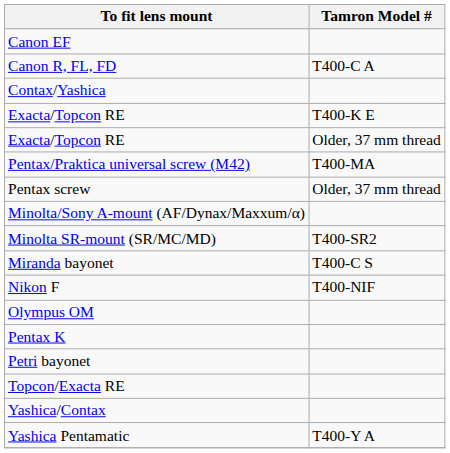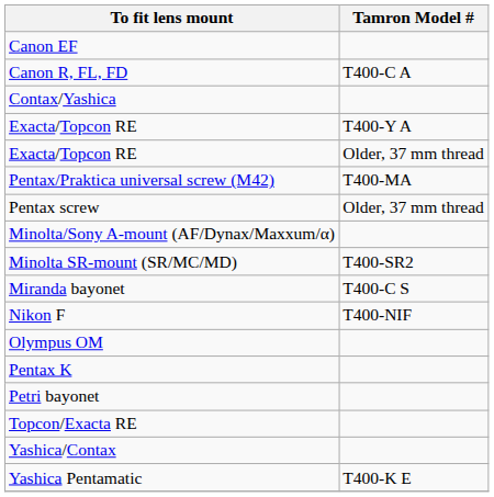 <table class=wikitable>
 <tr>
 <th>To fit lens mount</th>
 <th>Tamron Model #</th>
 </tr>
 <tr>
 <td><a href='#'>Canon EF</a></td>
 <td></td>
 </tr>
 <tr>
 <td><a href='#'>Canon R, FL, FD</a></td>
 <td>T400-C A</td>
 </tr>
 <tr>
 <td><a href='#'>Contax</a>/<a href='#'>Yashica</a></td>
 <td></td>
 </tr>
 <tr>
 <td><a href='#'>Exacta</a>/<a href='#'>Topcon</a> RE</td>
-<td>T400-K E</td>
+<td>T400-Y A</td>
 </tr>
 <tr>
 <td><a href='#'>Exacta</a>/<a href='#'>Topcon</a> RE</td>
 <td>Older, 37 mm thread</td>
 </tr>
 <tr>
 <td><a href='#'>Pentax/Praktica universal screw (M42)</a></td>
 <td>T400-MA</td>
 </tr>
 <tr>
 <td>Pentax screw</td>
 <td>Older, 37 mm thread</td>
 </tr>
 <tr>
 <td><a href='#'>Minolta/Sony A-mount</a> (AF/Dynax/Maxxum/α)</td>
 <td></td>
 </tr>
 <tr>
 <td><a href='#'>Minolta SR-mount</a> (SR/MC/MD)</td>
 <td>T400-SR2</td>
 </tr>
 <tr>
 <td><a href='#'>Miranda</a> bayonet</td>
 <td>T400-C S</td>
 </tr>
 <tr>
 <td><a href='#'>Nikon</a> F</td>
 <td>T400-NIF</td>
 </tr>
 <tr>
 <td><a href='#'>Olympus OM</a></td>
 <td></td>
 </tr>
 <tr>
 <td><a href='#'>Pentax K</a></td>
 <td></td>
 </tr>
 <tr>
 <td><a href='#'>Petri</a> bayonet</td>
 <td></td>
 </tr>
 <tr>
 <td><a href='#'>Topcon</a>/<a href='#'>Exacta</a> RE</td>
 <td></td>
 </tr>
 <tr>
 <td><a href='#'>Yashica</a>/<a href='#'>Contax</a></td>
 <td></td>
 </tr>
 <tr>
 <td><a href='#'>Yashica</a> Pentamatic</td>
-<td>T400-Y A</td>
+<td>T400-K E</td>
 </tr>
 <tr>
 </tr>
 </table>
